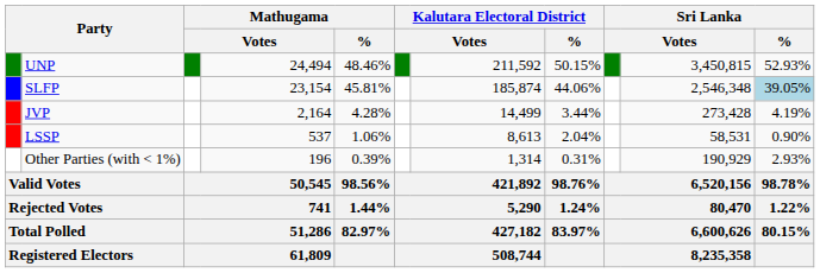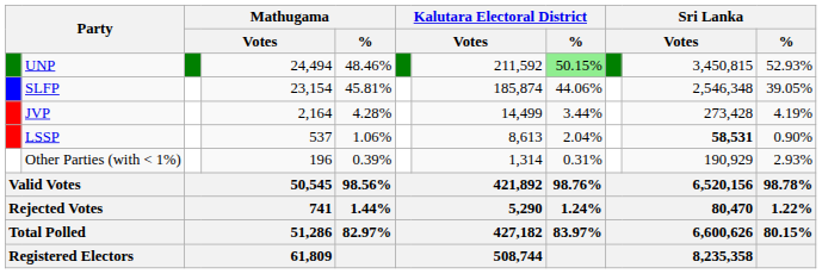 <table class="wikitable">
 <tr>
 <th colspan="2" width="144px"rowspan="2">Party</th>
 <th colspan="3" width="216px">Mathugama</th>
 <th colspan="3" width="216px"><a href='#'>Kalutara Electoral District</a></th>
 <th colspan="3" width="216px">Sri Lanka</th>
 </tr>
 <tr>
 <th colspan="2" width="144px">Votes</th>
 <th>%</th>
 <th colspan="2" width="144px">Votes</th>
 <th>%</th>
 <th colspan="2" width="144px">Votes</th>
 <th>%</th>
 </tr>
 <tr>
 <td style="background-color:green;" width="10px"></td>
 <td style="text-align:left;"><a href='#'>UNP</a></td>
 <td style="background-color:green;" width="10px"></td>
 <td style="text-align:right;">24,494</td>
 <td style="text-align:right;">48.46%</td>
 <td style="background-color:green;" width="10px"></td>
 <td style="text-align:right;">211,592</td>
-<td style="text-align:right;">50.15%</td>
+<td style="background: lightgreen; text-align:right;">50.15%</td>
 <td style="background-color:green;" width="10px"></td>
 <td style="text-align:right;">3,450,815</td>
 <td style="text-align:right;">52.93%</td>
 </tr>
 <tr>
 <td style="background-color:blue;" width="10px"></td>
 <td style="text-align:left;"><a href='#'>SLFP</a></td>
 <td style="background-color:white;" width="10px"></td>
 <td style="text-align:right;">23,154</td>
 <td style="text-align:right;">45.81%</td>
 <td style="background-color:white;" width="10px"></td>
 <td style="text-align:right;">185,874</td>
 <td style="text-align:right;">44.06%</td>
 <td style="background-color:white;" width="10px"></td>
 <td style="text-align:right;">2,546,348</td>
-<td style="background: lightblue; text-align:right;">39.05%</td>
+<td style="text-align:right;">39.05%</td>
 </tr>
 <tr>
 <td style="background-color:red;" width="10px"></td>
 <td style="text-align:left;"><a href='#'>JVP</a></td>
 <td style="background-color:white;" width="10px"></td>
 <td style="text-align:right;">2,164</td>
 <td style="text-align:right;">4.28%</td>
 <td style="background-color:white;" width="10px"></td>
 <td style="text-align:right;">14,499</td>
 <td style="text-align:right;">3.44%</td>
 <td style="background-color:white;" width="10px"></td>
 <td style="text-align:right;">273,428</td>
 <td style="text-align:right;">4.19%</td>
 </tr>
 <tr>
 <td style="background-color:red;" width="10px"></td>
 <td style="text-align:left;"><a href='#'>LSSP</a></td>
 <td style="background-color:white;" width="10px"></td>
 <td style="text-align:right;">537</td>
 <td style="text-align:right;">1.06%</td>
 <td style="background-color:white;" width="10px"></td>
 <td style="text-align:right;">8,613</td>
 <td style="text-align:right;">2.04%</td>
 <td style="background-color:white;" width="10px"></td>
-<td style="text-align:right;">58,531</td>
+<td style="text-align:right;"><strong>58,531</strong></td>
 <td style="text-align:right;">0.90%</td>
 </tr>
 <tr>
 <td style="background-color:white;" width="10px"></td>
 <td style="text-align:left;">Other Parties (with < 1%)</td>
 <td style="background-color:white;" width="10px"></td>
 <td style="text-align:right;">196</td>
 <td style="text-align:right;">0.39%</td>
 <td style="background-color:white;" width="10px"></td>
 <td style="text-align:right;">1,314</td>
 <td style="text-align:right;">0.31%</td>
 <td style="background-color:white;" width="10px"></td>
 <td style="text-align:right;">190,929</td>
 <td style="text-align:right;">2.93%</td>
 </tr>
 <tr>
 <th colspan="2" width="144px"style="text-align:left;">Valid Votes</th>
 <th style="text-align:right;"colspan="2" width="144px">50,545</th>
 <th style="text-align:right;">98.56%</th>
 <th style="text-align:right;"colspan="2" width="144px">421,892</th>
 <th style="text-align:right;">98.76%</th>
 <th style="text-align:right;"colspan="2" width="144px">6,520,156</th>
 <th style="text-align:right;">98.78%</th>
 </tr>
 <tr>
 <th colspan="2" width="144px"style="text-align:left;">Rejected Votes</th>
 <th style="text-align:right;"colspan="2" width="144px">741</th>
 <th style="text-align:right;">1.44%</th>
 <th style="text-align:right;"colspan="2" width="144px">5,290</th>
 <th style="text-align:right;">1.24%</th>
 <th style="text-align:right;"colspan="2" width="144px">80,470</th>
 <th style="text-align:right;">1.22%</th>
 </tr>
 <tr>
 <th colspan="2" width="144px"style="text-align:left;">Total Polled</th>
 <th style="text-align:right;"colspan="2" width="144px">51,286</th>
 <th style="text-align:right;">82.97%</th>
 <th style="text-align:right;"colspan="2" width="144px">427,182</th>
 <th style="text-align:right;">83.97%</th>
 <th style="text-align:right;"colspan="2" width="144px">6,600,626</th>
 <th style="text-align:right;">80.15%</th>
 </tr>
 <tr>
 <th colspan="2" width="144px"style="text-align:left;">Registered Electors</th>
 <th style="text-align:right;"colspan="2" width="144px">61,809</th>
 <th></th>
 <th style="text-align:right;"colspan="2" width="144px">508,744</th>
 <th></th>
 <th style="text-align:right;"colspan="2" width="144px">8,235,358</th>
 <th></th>
 </tr>
 </table>
